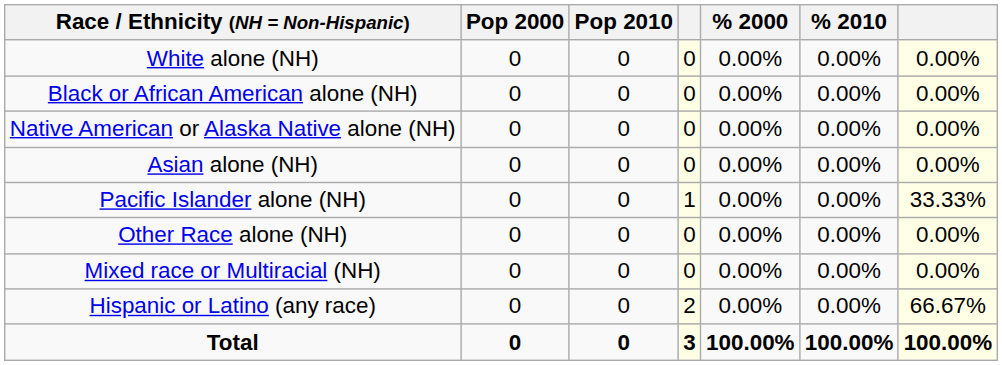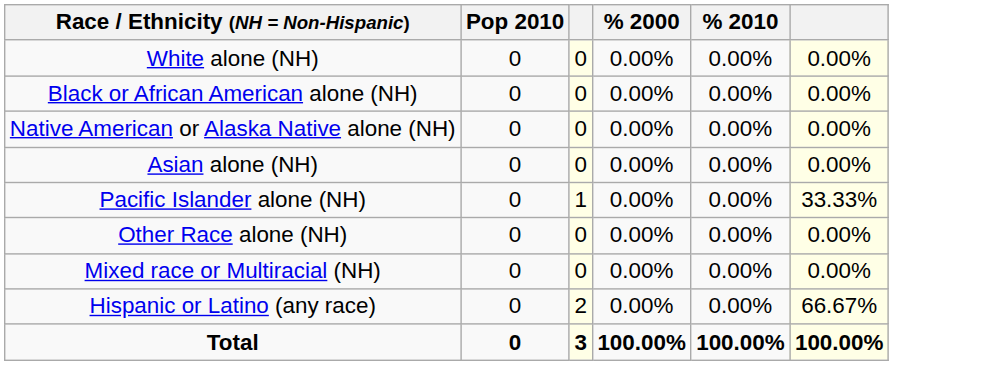 <table class="wikitable" style="text-align:center;">
 <tr>
 <th>Race / Ethnicity <small>(<em>NH = Non-Hispanic</em>)</small></th>
-<th>Pop 2000</th>
 <th>Pop 2010</th>
 <th></th>
 <th>% 2000</th>
 <th>% 2010</th>
 <th></th>
 </tr>
 <tr>
 <td><a href='#'>White</a> alone (NH)</td>
 <td>0</td>
-<td>0</td>
 <td style='background: #ffffe6;'>0</td>
 <td>0.00%</td>
 <td>0.00%</td>
 <td style='background: #ffffe6;'>0.00%</td>
 </tr>
 <tr>
 <td><a href='#'>Black or African American</a> alone (NH)</td>
-<td>0</td>
 <td>0</td>
 <td style='background: #ffffe6;'>0</td>
 <td>0.00%</td>
 <td>0.00%</td>
 <td style='background: #ffffe6;'>0.00%</td>
 </tr>
 <tr>
 <td><a href='#'>Native American</a> or <a href='#'>Alaska Native</a> alone (NH)</td>
 <td>0</td>
-<td>0</td>
 <td style='background: #ffffe6;'>0</td>
 <td>0.00%</td>
 <td>0.00%</td>
 <td style='background: #ffffe6;'>0.00%</td>
 </tr>
 <tr>
 <td><a href='#'>Asian</a> alone (NH)</td>
-<td>0</td>
 <td>0</td>
 <td style='background: #ffffe6;'>0</td>
 <td>0.00%</td>
 <td>0.00%</td>
 <td style='background: #ffffe6;'>0.00%</td>
 </tr>
 <tr>
 <td><a href='#'>Pacific Islander</a> alone (NH)</td>
 <td>0</td>
-<td>0</td>
 <td style='background: #ffffe6;'>1</td>
 <td>0.00%</td>
 <td>0.00%</td>
 <td style='background: #ffffe6;'>33.33%</td>
 </tr>
 <tr>
 <td><a href='#'>Other Race</a> alone (NH)</td>
-<td>0</td>
 <td>0</td>
 <td style='background: #ffffe6;'>0</td>
 <td>0.00%</td>
 <td>0.00%</td>
 <td style='background: #ffffe6;'>0.00%</td>
 </tr>
 <tr>
 <td><a href='#'>Mixed race or Multiracial</a> (NH)</td>
 <td>0</td>
-<td>0</td>
 <td style='background: #ffffe6;'>0</td>
 <td>0.00%</td>
 <td>0.00%</td>
 <td style='background: #ffffe6;'>0.00%</td>
 </tr>
 <tr>
 <td><a href='#'>Hispanic or Latino</a> (any race)</td>
-<td>0</td>
 <td>0</td>
 <td style='background: #ffffe6;'>2</td>
 <td>0.00%</td>
 <td>0.00%</td>
 <td style='background: #ffffe6;'>66.67%</td>
 </tr>
 <tr>
 <td><strong>Total</strong></td>
 <td><strong>0</strong></td>
-<td><strong>0</strong></td>
 <td style='background: #ffffe6;'><strong>3</strong></td>
 <td><strong>100.00%</strong></td>
 <td><strong>100.00%</strong></td>
 <td style='background: #ffffe6;'><strong>100.00%</strong></td>
 </tr>
 </table>
